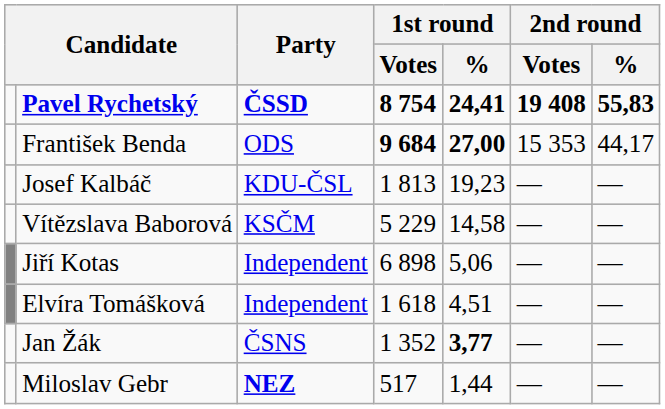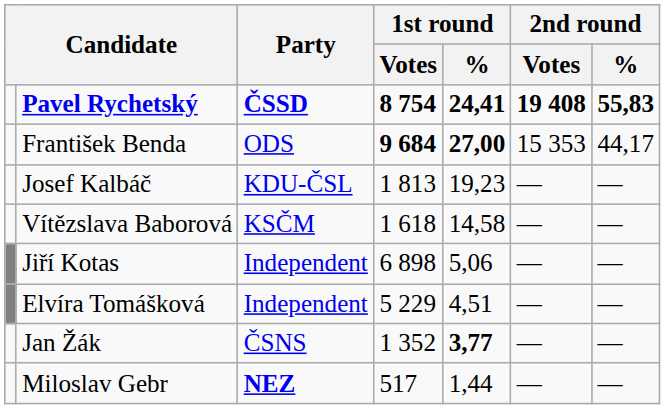 <table class="wikitable sortable">
 <tr>
 <th colspan="2" rowspan="2">Candidate</th>
 <th rowspan="2">Party</th>
 <th colspan="2">1st round</th>
 <th colspan="2">2nd round</th>
 </tr>
 <tr>
 <th>Votes</th>
 <th>%</th>
 <th>Votes</th>
 <th>%</th>
 </tr>
 <tr>
 <td style="background-color:"></td>
 <td><strong><a href='#'>Pavel Rychetský</a></strong></td>
 <td><a href='#'><strong>ČSSD</strong></a></td>
 <td><strong>8 754</strong></td>
 <td><strong>24,41</strong></td>
 <td><strong>19 408</strong></td>
 <td><strong>55,83</strong></td>
 </tr>
 <tr>
 <td style="background-color:"></td>
 <td>František Benda</td>
 <td><a href='#'>ODS</a></td>
 <td><strong>9 684</strong></td>
 <td><strong>27,00</strong></td>
 <td>15 353</td>
 <td>44,17</td>
 </tr>
 <tr>
 <td style="background-color:"></td>
 <td>Josef Kalbáč</td>
 <td><a href='#'>KDU-ČSL</a></td>
 <td>1 813</td>
 <td>19,23</td>
 <td>—</td>
 <td>—</td>
 </tr>
 <tr>
 <td style="background-color:"></td>
 <td>Vítězslava Baborová</td>
 <td><a href='#'>KSČM</a></td>
-<td>5 229</td>
+<td>1 618</td>
 <td>14,58</td>
 <td>—</td>
 <td>—</td>
 </tr>
 <tr>
 <td style="background-color:gray;"></td>
 <td>Jiří Kotas</td>
 <td><a href='#'>Independent</a></td>
 <td>6 898</td>
 <td>5,06</td>
 <td>—</td>
 <td>—</td>
 </tr>
 <tr>
 <td style="background-color:gray;"></td>
 <td>Elvíra Tomášková</td>
 <td><a href='#'>Independent</a></td>
-<td>1 618</td>
+<td>5 229</td>
 <td>4,51</td>
 <td>—</td>
 <td>—</td>
 </tr>
 <tr>
 <td style="background-color:"></td>
 <td>Jan Žák</td>
 <td><a href='#'>ČSNS</a></td>
 <td>1 352</td>
 <td><strong>3,77</strong></td>
 <td>—</td>
 <td>—</td>
 </tr>
 <tr>
 <td style="background-color:"></td>
 <td>Miloslav Gebr</td>
 <td><strong><a href='#'>NEZ</a></strong></td>
 <td>517</td>
 <td>1,44</td>
 <td>—</td>
 <td>—</td>
 </tr>
 </table>
